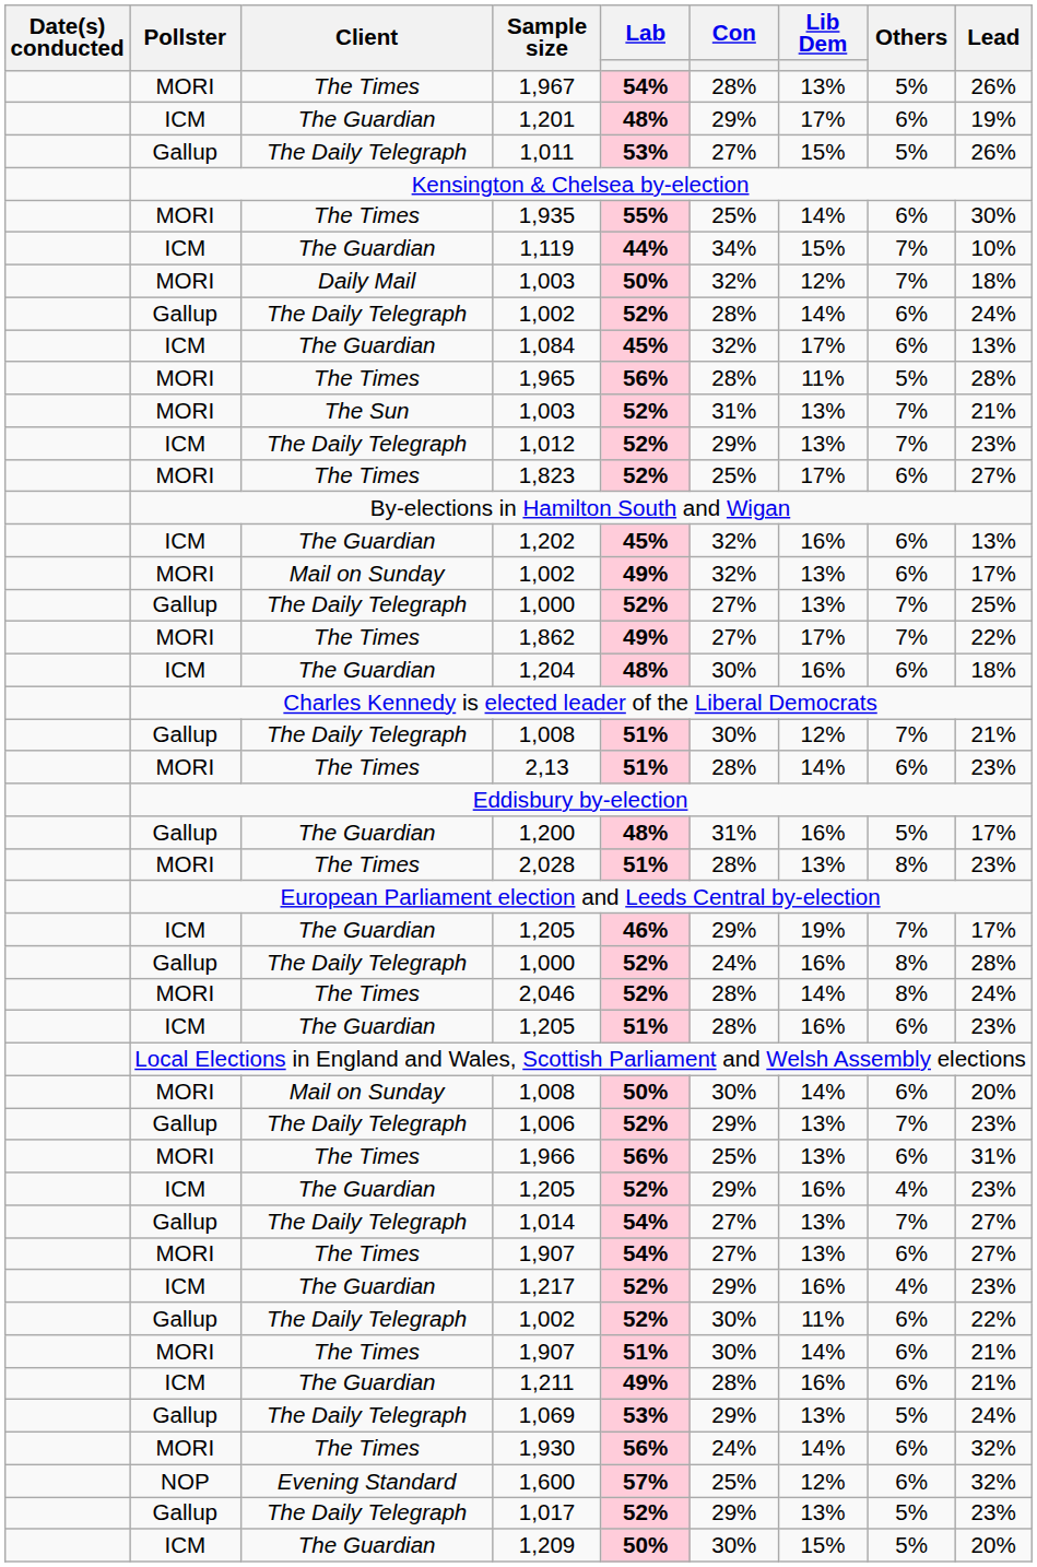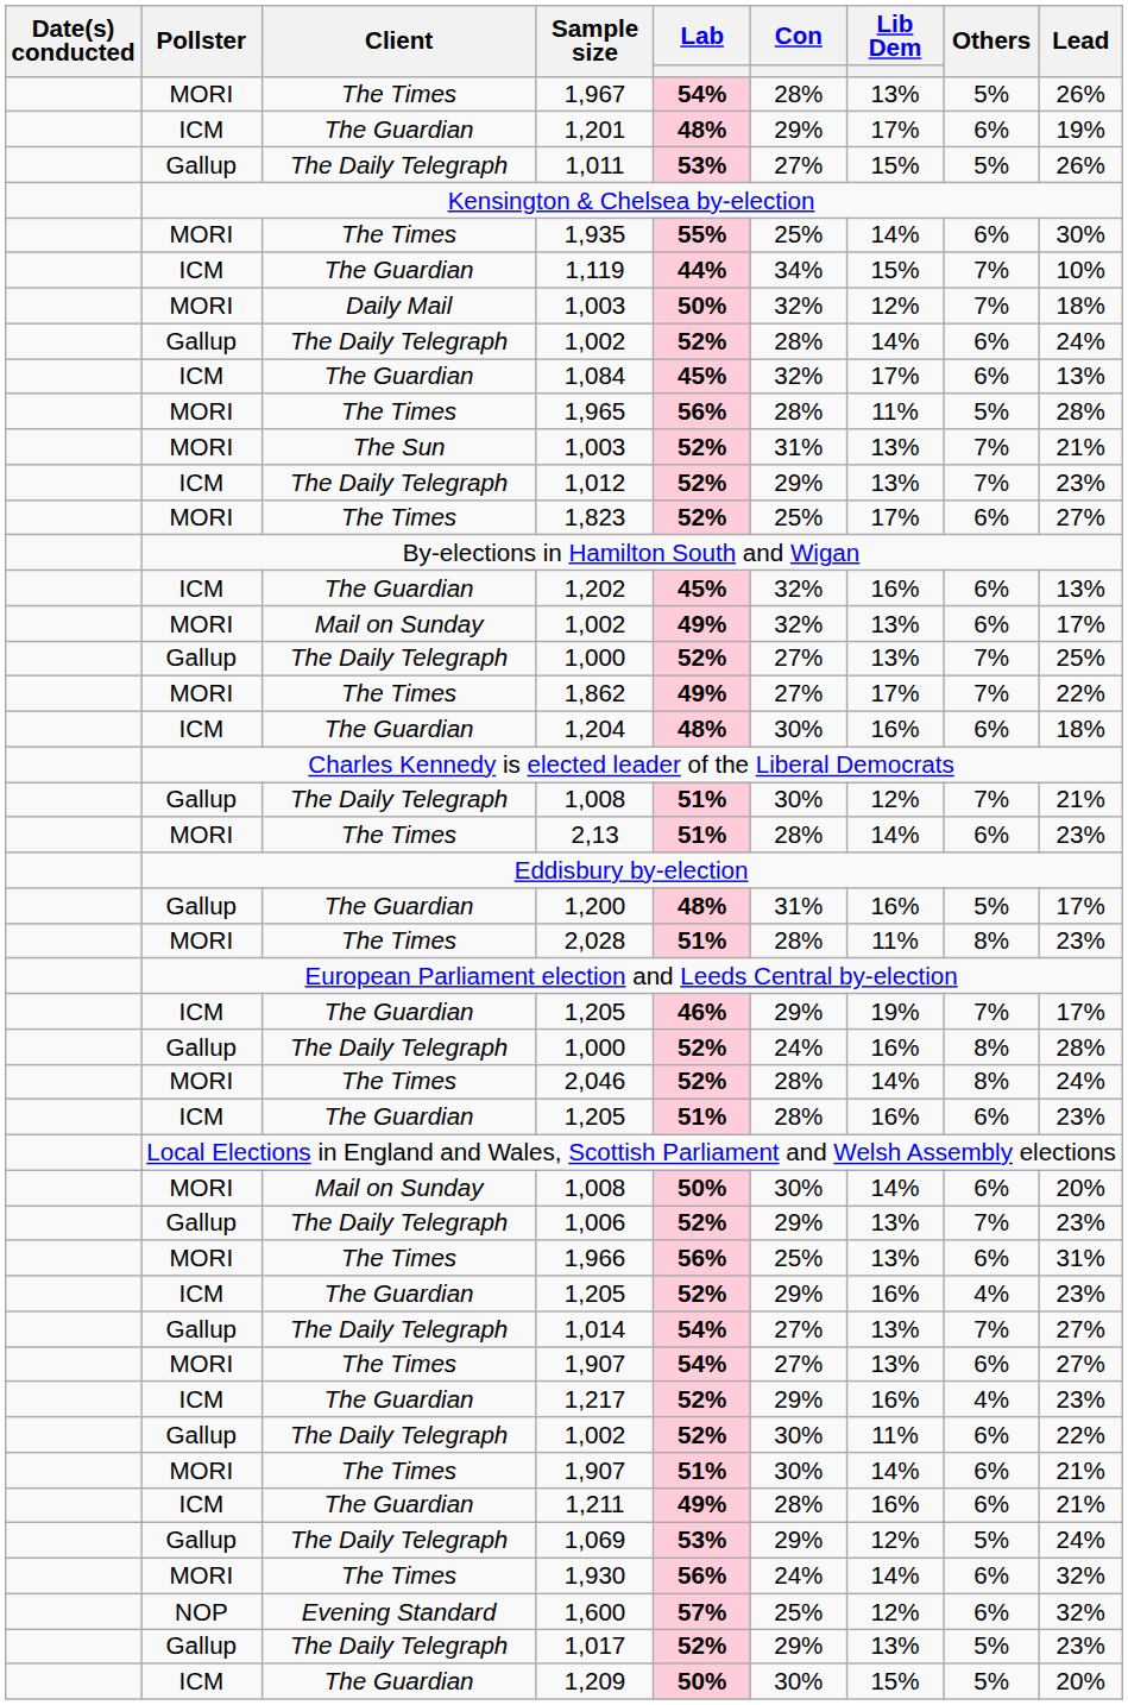 <table class="wikitable sortable mw-datatable" style="text-align:center;font-size:90%;line-height:14px;">
 <tr>
 <th rowspan="2">Date(s)<br>conducted</th>
 <th rowspan="2">Pollster</th>
 <th rowspan="2">Client</th>
 <th rowspan="2" data-sort-type="number">Sample<br>size</th>
 <th class="unsortable" style="width:50px;"><a href='#'>Lab</a></th>
 <th class="unsortable" style="width:50px;"><a href='#'>Con</a></th>
 <th class="unsortable" style="width:50px;"><a href='#'>Lib Dem</a></th>
 <th rowspan="2" class="unsortable" style="width:50px;">Others</th>
 <th rowspan="2" data-sort-type="number">Lead</th>
 </tr>
 <tr>
 <th data-sort-type="number" style="background:"></th>
 <th data-sort-type="number" style="background:"></th>
 <th data-sort-type="number" style="background:"></th>
 </tr>
 <tr>
 <td></td>
 <td>MORI</td>
 <td><em>The Times</em></td>
 <td>1,967</td>
 <td style="background:#FFCCDA;"><strong>54%</strong></td>
 <td>28%</td>
 <td>13%</td>
 <td>5%</td>
 <td style="background:">26%</td>
 </tr>
 <tr>
 <td></td>
 <td>ICM</td>
 <td><em>The Guardian</em></td>
 <td>1,201</td>
 <td style="background:#FFCCDA;"><strong>48%</strong></td>
 <td>29%</td>
 <td>17%</td>
 <td>6%</td>
 <td style="background:">19%</td>
 </tr>
 <tr>
 <td></td>
 <td>Gallup</td>
 <td><em>The Daily Telegraph</em></td>
 <td>1,011</td>
 <td style="background:#FFCCDA;"><strong>53%</strong></td>
 <td>27%</td>
 <td>15%</td>
 <td>5%</td>
 <td style="background:">26%</td>
 </tr>
 <tr>
 <td></td>
 <td colspan=8><a href='#'>Kensington & Chelsea by-election</a></td>
 </tr>
 <tr>
 <td></td>
 <td>MORI</td>
 <td><em>The Times</em></td>
 <td>1,935</td>
 <td style="background:#FFCCDA;"><strong>55%</strong></td>
 <td>25%</td>
 <td>14%</td>
 <td>6%</td>
 <td style="background:">30%</td>
 </tr>
 <tr>
 <td></td>
 <td>ICM</td>
 <td><em>The Guardian</em></td>
 <td>1,119</td>
 <td style="background:#FFCCDA;"><strong>44%</strong></td>
 <td>34%</td>
 <td>15%</td>
 <td>7%</td>
 <td style="background:">10%</td>
 </tr>
 <tr>
 <td></td>
 <td>MORI</td>
 <td><em>Daily Mail</em></td>
 <td>1,003</td>
 <td style="background:#FFCCDA;"><strong>50%</strong></td>
 <td>32%</td>
 <td>12%</td>
 <td>7%</td>
 <td style="background:">18%</td>
 </tr>
 <tr>
 <td></td>
 <td>Gallup</td>
 <td><em>The Daily Telegraph</em></td>
 <td>1,002</td>
 <td style="background:#FFCCDA;"><strong>52%</strong></td>
 <td>28%</td>
 <td>14%</td>
 <td>6%</td>
 <td style="background:">24%</td>
 </tr>
 <tr>
 <td></td>
 <td>ICM</td>
 <td><em>The Guardian</em></td>
 <td>1,084</td>
 <td style="background:#FFCCDA;"><strong>45%</strong></td>
 <td>32%</td>
 <td>17%</td>
 <td>6%</td>
 <td style="background:">13%</td>
 </tr>
 <tr>
 <td></td>
 <td>MORI</td>
 <td><em>The Times</em></td>
 <td>1,965</td>
 <td style="background:#FFCCDA;"><strong>56%</strong></td>
 <td>28%</td>
 <td>11%</td>
 <td>5%</td>
 <td style="background:">28%</td>
 </tr>
 <tr>
 <td></td>
 <td>MORI</td>
 <td><em>The Sun</em></td>
 <td>1,003</td>
 <td style="background:#FFCCDA;"><strong>52%</strong></td>
 <td>31%</td>
 <td>13%</td>
 <td>7%</td>
 <td style="background:">21%</td>
 </tr>
 <tr>
 <td></td>
 <td>ICM</td>
 <td><em>The Daily Telegraph</em></td>
 <td>1,012</td>
 <td style="background:#FFCCDA;"><strong>52%</strong></td>
 <td>29%</td>
 <td>13%</td>
 <td>7%</td>
 <td style="background:">23%</td>
 </tr>
 <tr>
 <td></td>
 <td>MORI</td>
 <td><em>The Times</em></td>
 <td>1,823</td>
 <td style="background:#FFCCDA;"><strong>52%</strong></td>
 <td>25%</td>
 <td>17%</td>
 <td>6%</td>
 <td style="background:">27%</td>
 </tr>
 <tr>
 <td></td>
 <td colspan=8>By-elections in <a href='#'>Hamilton South</a> and <a href='#'>Wigan</a></td>
 </tr>
 <tr>
 <td></td>
 <td>ICM</td>
 <td><em>The Guardian</em></td>
 <td>1,202</td>
 <td style="background:#FFCCDA;"><strong>45%</strong></td>
 <td>32%</td>
 <td>16%</td>
 <td>6%</td>
 <td style="background:">13%</td>
 </tr>
 <tr>
 <td></td>
 <td>MORI</td>
 <td><em>Mail on Sunday</em></td>
 <td>1,002</td>
 <td style="background:#FFCCDA;"><strong>49%</strong></td>
 <td>32%</td>
 <td>13%</td>
 <td>6%</td>
 <td style="background:">17%</td>
 </tr>
 <tr>
 <td></td>
 <td>Gallup</td>
 <td><em>The Daily Telegraph</em></td>
 <td>1,000</td>
 <td style="background:#FFCCDA;"><strong>52%</strong></td>
 <td>27%</td>
 <td>13%</td>
 <td>7%</td>
 <td style="background:">25%</td>
 </tr>
 <tr>
 <td></td>
 <td>MORI</td>
 <td><em>The Times</em></td>
 <td>1,862</td>
 <td style="background:#FFCCDA;"><strong>49%</strong></td>
 <td>27%</td>
 <td>17%</td>
 <td>7%</td>
 <td style="background:">22%</td>
 </tr>
 <tr>
 <td></td>
 <td>ICM</td>
 <td><em>The Guardian</em></td>
 <td>1,204</td>
 <td style="background:#FFCCDA;"><strong>48%</strong></td>
 <td>30%</td>
 <td>16%</td>
 <td>6%</td>
 <td style="background:">18%</td>
 </tr>
 <tr>
 <td></td>
 <td colspan=8><a href='#'>Charles Kennedy</a> is <a href='#'>elected leader</a> of the <a href='#'>Liberal Democrats</a></td>
 </tr>
 <tr>
 <td></td>
 <td>Gallup</td>
 <td><em>The Daily Telegraph</em></td>
 <td>1,008</td>
 <td style="background:#FFCCDA;"><strong>51%</strong></td>
 <td>30%</td>
 <td>12%</td>
 <td>7%</td>
 <td style="background:">21%</td>
 </tr>
 <tr>
 <td></td>
 <td>MORI</td>
 <td><em>The Times</em></td>
 <td>2,13</td>
 <td style="background:#FFCCDA;"><strong>51%</strong></td>
 <td>28%</td>
 <td>14%</td>
 <td>6%</td>
 <td style="background:">23%</td>
 </tr>
 <tr>
 <td></td>
 <td colspan=8><a href='#'>Eddisbury by-election</a></td>
 </tr>
 <tr>
 <td></td>
 <td>Gallup</td>
 <td><em>The Guardian</em></td>
 <td>1,200</td>
 <td style="background:#FFCCDA;"><strong>48%</strong></td>
 <td>31%</td>
 <td>16%</td>
 <td>5%</td>
 <td style="background:">17%</td>
 </tr>
 <tr>
 <td></td>
 <td>MORI</td>
 <td><em>The Times</em></td>
 <td>2,028</td>
 <td style="background:#FFCCDA;"><strong>51%</strong></td>
 <td>28%</td>
-<td>13%</td>
+<td>11%</td>
 <td>8%</td>
 <td style="background:">23%</td>
 </tr>
 <tr>
 <td></td>
 <td colspan=8><a href='#'>European Parliament election</a> and <a href='#'>Leeds Central by-election</a></td>
 </tr>
 <tr>
 <td></td>
 <td>ICM</td>
 <td><em>The Guardian</em></td>
 <td>1,205</td>
 <td style="background:#FFCCDA;"><strong>46%</strong></td>
 <td>29%</td>
 <td>19%</td>
 <td>7%</td>
 <td style="background:">17%</td>
 </tr>
 <tr>
 <td></td>
 <td>Gallup</td>
 <td><em>The Daily Telegraph</em></td>
 <td>1,000</td>
 <td style="background:#FFCCDA;"><strong>52%</strong></td>
 <td>24%</td>
 <td>16%</td>
 <td>8%</td>
 <td style="background:">28%</td>
 </tr>
 <tr>
 <td></td>
 <td>MORI</td>
 <td><em>The Times</em></td>
 <td>2,046</td>
 <td style="background:#FFCCDA;"><strong>52%</strong></td>
 <td>28%</td>
 <td>14%</td>
 <td>8%</td>
 <td style="background:">24%</td>
 </tr>
 <tr>
 <td></td>
 <td>ICM</td>
 <td><em>The Guardian</em></td>
 <td>1,205</td>
 <td style="background:#FFCCDA;"><strong>51%</strong></td>
 <td>28%</td>
 <td>16%</td>
 <td>6%</td>
 <td style="background:">23%</td>
 </tr>
 <tr>
 <td></td>
 <td colspan=8><a href='#'>Local Elections</a> in England and Wales, <a href='#'>Scottish Parliament</a> and <a href='#'>Welsh Assembly</a> elections</td>
 </tr>
 <tr>
 <td></td>
 <td>MORI</td>
 <td><em>Mail on Sunday</em></td>
 <td>1,008</td>
 <td style="background:#FFCCDA;"><strong>50%</strong></td>
 <td>30%</td>
 <td>14%</td>
 <td>6%</td>
 <td style="background:">20%</td>
 </tr>
 <tr>
 <td></td>
 <td>Gallup</td>
 <td><em>The Daily Telegraph</em></td>
 <td>1,006</td>
 <td style="background:#FFCCDA;"><strong>52%</strong></td>
 <td>29%</td>
 <td>13%</td>
 <td>7%</td>
 <td style="background:">23%</td>
 </tr>
 <tr>
 <td></td>
 <td>MORI</td>
 <td><em>The Times</em></td>
 <td>1,966</td>
 <td style="background:#FFCCDA;"><strong>56%</strong></td>
 <td>25%</td>
 <td>13%</td>
 <td>6%</td>
 <td style="background:">31%</td>
 </tr>
 <tr>
 <td></td>
 <td>ICM</td>
 <td><em>The Guardian</em></td>
 <td>1,205</td>
 <td style="background:#FFCCDA;"><strong>52%</strong></td>
 <td>29%</td>
 <td>16%</td>
 <td>4%</td>
 <td style="background:">23%</td>
 </tr>
 <tr>
 <td></td>
 <td>Gallup</td>
 <td><em>The Daily Telegraph</em></td>
 <td>1,014</td>
 <td style="background:#FFCCDA;"><strong>54%</strong></td>
 <td>27%</td>
 <td>13%</td>
 <td>7%</td>
 <td style="background:">27%</td>
 </tr>
 <tr>
 <td></td>
 <td>MORI</td>
 <td><em>The Times</em></td>
 <td>1,907</td>
 <td style="background:#FFCCDA;"><strong>54%</strong></td>
 <td>27%</td>
 <td>13%</td>
 <td>6%</td>
 <td style="background:">27%</td>
 </tr>
 <tr>
 <td></td>
 <td>ICM</td>
 <td><em>The Guardian</em></td>
 <td>1,217</td>
 <td style="background:#FFCCDA;"><strong>52%</strong></td>
 <td>29%</td>
 <td>16%</td>
 <td>4%</td>
 <td style="background:">23%</td>
 </tr>
 <tr>
 <td></td>
 <td>Gallup</td>
 <td><em>The Daily Telegraph</em></td>
 <td>1,002</td>
 <td style="background:#FFCCDA;"><strong>52%</strong></td>
 <td>30%</td>
 <td>11%</td>
 <td>6%</td>
 <td style="background:">22%</td>
 </tr>
 <tr>
 <td></td>
 <td>MORI</td>
 <td><em>The Times</em></td>
 <td>1,907</td>
 <td style="background:#FFCCDA;"><strong>51%</strong></td>
 <td>30%</td>
 <td>14%</td>
 <td>6%</td>
 <td style="background:">21%</td>
 </tr>
 <tr>
 <td></td>
 <td>ICM</td>
 <td><em>The Guardian</em></td>
 <td>1,211</td>
 <td style="background:#FFCCDA;"><strong>49%</strong></td>
 <td>28%</td>
 <td>16%</td>
 <td>6%</td>
 <td style="background:">21%</td>
 </tr>
 <tr>
 <td></td>
 <td>Gallup</td>
 <td><em>The Daily Telegraph</em></td>
 <td>1,069</td>
 <td style="background:#FFCCDA;"><strong>53%</strong></td>
 <td>29%</td>
-<td>13%</td>
+<td>12%</td>
 <td>5%</td>
 <td style="background:">24%</td>
 </tr>
 <tr>
 <td></td>
 <td>MORI</td>
 <td><em>The Times</em></td>
 <td>1,930</td>
 <td style="background:#FFCCDA;"><strong>56%</strong></td>
 <td>24%</td>
 <td>14%</td>
 <td>6%</td>
 <td style="background:">32%</td>
 </tr>
 <tr>
 <td></td>
 <td>NOP</td>
 <td><em>Evening Standard</em></td>
 <td>1,600</td>
 <td style="background:#FFCCDA;"><strong>57%</strong></td>
 <td>25%</td>
 <td>12%</td>
 <td>6%</td>
 <td style="background:">32%</td>
 </tr>
 <tr>
 <td></td>
 <td>Gallup</td>
 <td><em>The Daily Telegraph</em></td>
 <td>1,017</td>
 <td style="background:#FFCCDA;"><strong>52%</strong></td>
 <td>29%</td>
 <td>13%</td>
 <td>5%</td>
 <td style="background:">23%</td>
 </tr>
 <tr>
 <td></td>
 <td>ICM</td>
 <td><em>The Guardian</em></td>
 <td>1,209</td>
 <td style="background:#FFCCDA;"><strong>50%</strong></td>
 <td>30%</td>
 <td>15%</td>
 <td>5%</td>
 <td style="background:">20%</td>
 </tr>
 </table>
